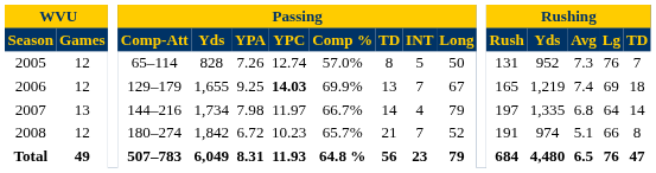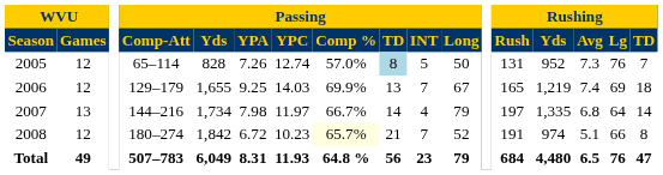 <table BORDER="0" CELLPADDING="3" CELLSPACING="0" ID="Table3" border="2">
 <tr style="text-align:center; background:#003366;">
 <th colspan="2" style="text-align:center; background:#FFCC00; color:#003366;"> WVU</th>
 <th rowspan="99" style="text-align:center; background:#fff;"> </th>
 <th colspan="8" style="text-align:center; background:#FFCC00; color:#003366;">Passing</th>
 <th rowspan="99" style="text-align:center; background:#fff;"> </th>
 <th colspan="5" style="text-align:center; background:#FFCC00; color:#003366;">Rushing</th>
 </tr>
 <tr style="text-align:center; background:#003366; color:#FFCC00;">
 <th style="text-align:center;">Season</th>
 <th style="text-align:center;">Games</th>
 <th style="text-align:center;">Comp-Att</th>
 <th style="text-align:center;">Yds</th>
 <th style="text-align:center;">YPA</th>
 <th style="text-align:center;">YPC</th>
 <th style="text-align:center;">Comp %</th>
 <th style="text-align:center;">TD</th>
 <th style="text-align:center;">INT</th>
 <th style="text-align:center;">Long</th>
 <th style="text-align:center;">Rush</th>
 <th style="text-align:center;">Yds</th>
 <th style="text-align:center;">Avg</th>
 <th style="text-align:center;">Lg</th>
 <th style="text-align:center;">TD</th>
 </tr>
 <tr style="text-align:center; text-align:center;">
 <td>2005</td>
 <td>12</td>
 <td>65–114</td>
 <td>828</td>
 <td>7.26</td>
 <td>12.74</td>
 <td>57.0%</td>
-<td>8</td>
+<td style="background: lightblue;">8</td>
 <td>5</td>
 <td>50</td>
 <td>131</td>
 <td>952</td>
 <td>7.3</td>
 <td>76</td>
 <td>7</td>
 </tr>
 <tr style="text-align:center; text-align:center;">
 <td>2006</td>
 <td>12</td>
 <td>129–179</td>
 <td>1,655</td>
 <td>9.25</td>
-<td><strong>14.03</strong></td>
+<td>14.03</td>
 <td>69.9%</td>
 <td>13</td>
 <td>7</td>
 <td>67</td>
 <td>165</td>
 <td>1,219</td>
 <td>7.4</td>
 <td>69</td>
 <td>18</td>
 </tr>
 <tr style="text-align:center; text-align:center;">
 <td>2007</td>
 <td>13</td>
 <td>144–216</td>
 <td>1,734</td>
 <td>7.98</td>
 <td>11.97</td>
 <td>66.7%</td>
 <td>14</td>
 <td>4</td>
 <td>79</td>
 <td>197</td>
 <td>1,335</td>
 <td>6.8</td>
 <td>64</td>
 <td>14</td>
 </tr>
 <tr style="text-align:center; text-align:center;">
 <td>2008</td>
 <td>12</td>
 <td>180–274</td>
 <td>1,842</td>
 <td>6.72</td>
 <td>10.23</td>
-<td>65.7%</td>
+<td style="background: lightyellow;">65.7%</td>
 <td>21</td>
 <td>7</td>
 <td>52</td>
 <td>191</td>
 <td>974</td>
 <td>5.1</td>
 <td>66</td>
 <td>8</td>
 </tr>
 <tr style="text-align:center;">
 <th style="text-align:center;">Total</th>
 <th style="text-align:center;">49</th>
 <th style="text-align:center;">507–783</th>
 <th style="text-align:center;">6,049</th>
 <th style="text-align:center;">8.31</th>
 <td style="text-align:center;"><strong>11.93</strong></td>
 <td style="text-align:center;"><strong>64.8 %</strong></td>
 <th style="text-align:center;">56</th>
 <th style="text-align:center;">23</th>
 <th style="text-align:center;">79</th>
 <th style="text-align:center;">684</th>
 <th style="text-align:center;">4,480</th>
 <th style="text-align:center;">6.5</th>
 <th style="text-align:center;">76</th>
 <th style="text-align:center;">47</th>
 </tr>
 </table>
